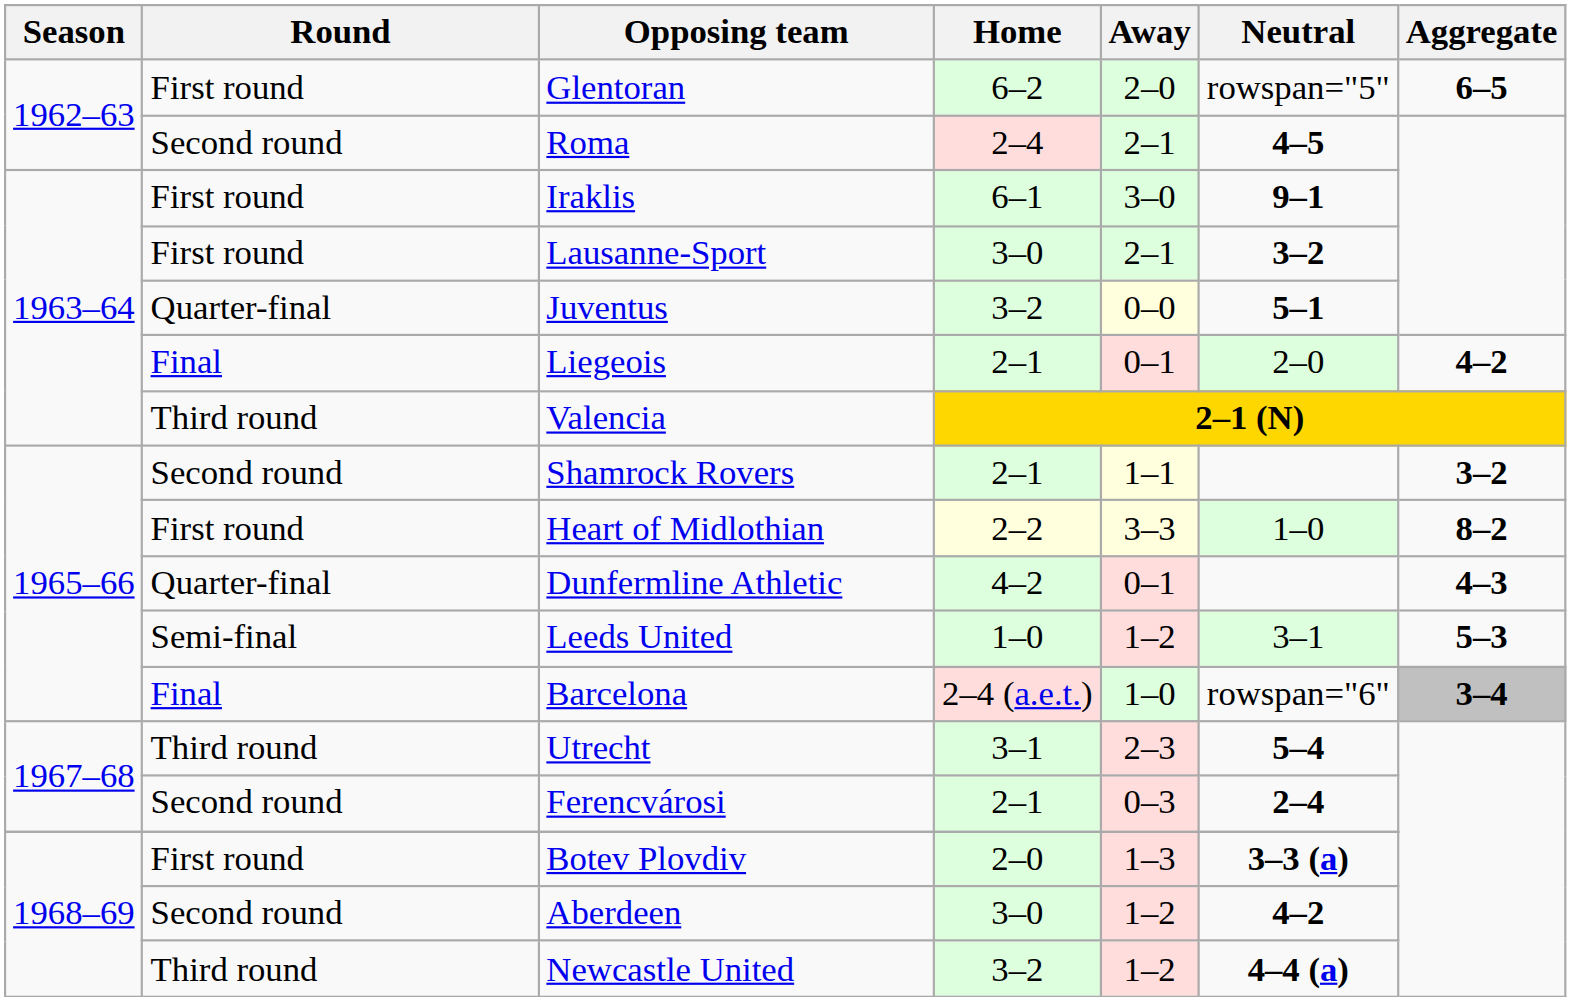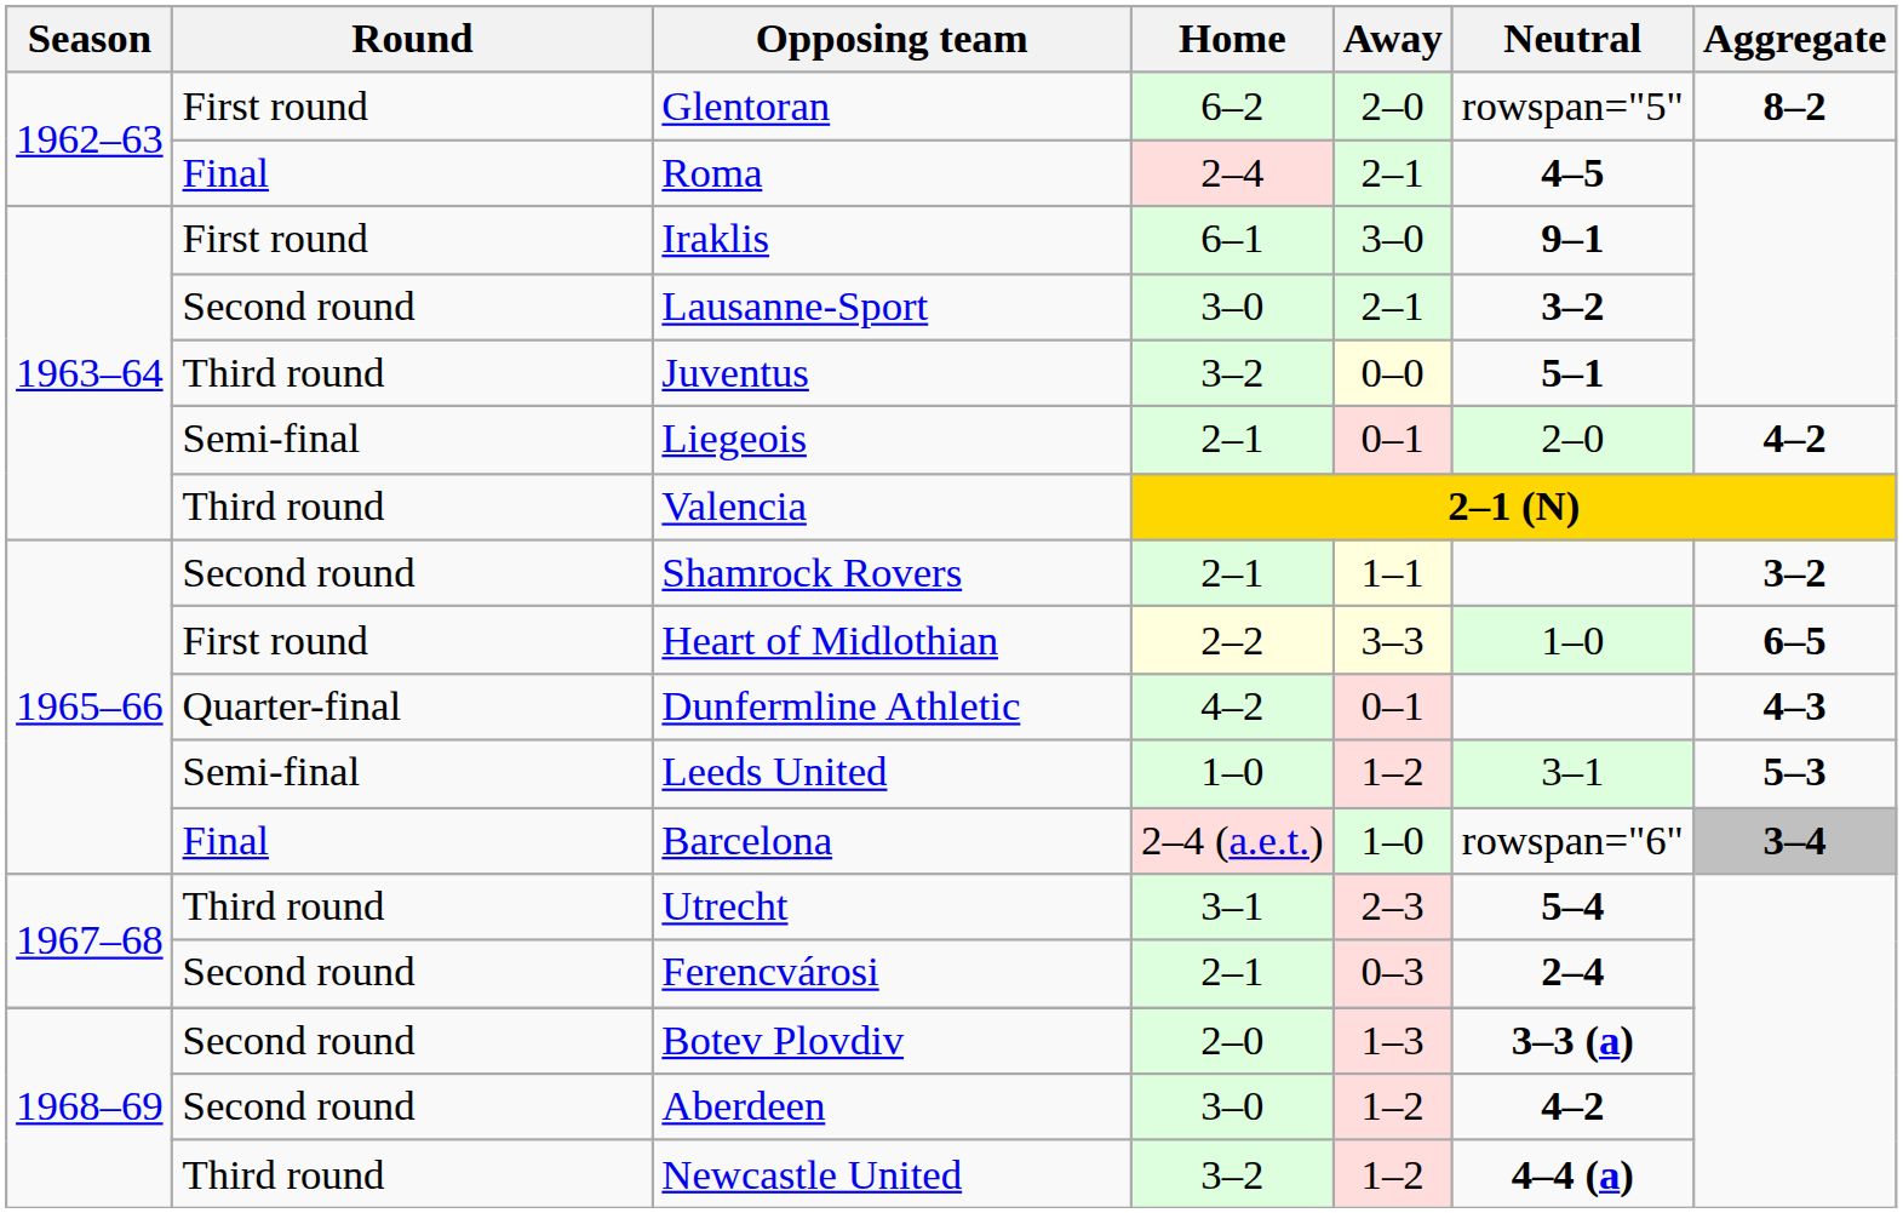 <table class="wikitable">
 <tr>
 <th>Season</th>
 <th width=175>Round</th>
 <th width=175>Opposing team</th>
 <th>Home</th>
 <th>Away</th>
 <th>Neutral</th>
 <th>Aggregate</th>
 </tr>
 <tr>
 <td rowspan="2"><a href='#'>1962–63</a></td>
 <td>First round</td>
 <td> <a href='#'>Glentoran</a></td>
 <td style="text-align:center; background:#dfd;">6–2</td>
 <td style="text-align:center; background:#dfd;">2–0</td>
 <td>rowspan="5" </td>
-<td style="text-align:center;"><strong>6–5</strong></td>
+<td style="text-align:center;"><strong>8–2</strong></td>
 </tr>
 <tr>
-<td>Second round</td>
+<td><a href='#'>Final</a></td>
 <td> <a href='#'>Roma</a></td>
 <td style="text-align:center; background:#fdd;">2–4</td>
 <td style="text-align:center; background:#dfd;">2–1</td>
 <td style="text-align:center;"><strong>4–5</strong></td>
 </tr>
 <tr>
 <td rowspan="5"><a href='#'>1963–64</a></td>
 <td>First round</td>
 <td> <a href='#'>Iraklis</a></td>
 <td style="text-align:center; background:#dfd;">6–1</td>
 <td style="text-align:center; background:#dfd;">3–0</td>
 <td style="text-align:center;"><strong>9–1</strong></td>
 </tr>
 <tr>
-<td>First round</td>
+<td>Second round</td>
 <td> <a href='#'>Lausanne-Sport</a></td>
 <td style="text-align:center; background:#dfd;">3–0</td>
 <td style="text-align:center; background:#dfd;">2–1</td>
 <td style="text-align:center;"><strong>3–2</strong></td>
 </tr>
 <tr>
-<td>Quarter-final</td>
+<td>Third round</td>
 <td> <a href='#'>Juventus</a></td>
 <td style="text-align:center; background:#dfd;">3–2</td>
 <td style="text-align:center; background:#ffd;">0–0</td>
 <td style="text-align:center;"><strong>5–1</strong></td>
 </tr>
 <tr>
-<td><a href='#'>Final</a></td>
+<td>Semi-final</td>
 <td> <a href='#'>Liegeois</a></td>
 <td style="text-align:center; background:#dfd;">2–1</td>
 <td style="text-align:center; background:#fdd;">0–1</td>
 <td style="text-align:center; background:#dfd;">2–0</td>
 <td style="text-align:center;"><strong>4–2</strong></td>
 </tr>
 <tr>
 <td>Third round</td>
 <td> <a href='#'>Valencia</a></td>
 <td bgcolor="gold" colspan="4" style="text-align:center;"><strong>2–1 (N)</strong></td>
 </tr>
 <tr>
 <td rowspan="5"><a href='#'>1965–66</a></td>
 <td>Second round</td>
 <td> <a href='#'>Shamrock Rovers</a></td>
 <td style="text-align:center; background:#dfd;">2–1</td>
 <td style="text-align:center; background:#ffd;">1–1</td>
 <td></td>
 <td style="text-align:center;"><strong>3–2</strong></td>
 </tr>
 <tr>
 <td>First round</td>
 <td> <a href='#'>Heart of Midlothian</a></td>
 <td style="text-align:center; background:#ffd;">2–2</td>
 <td style="text-align:center; background:#ffd;">3–3</td>
 <td style="text-align:center; background:#dfd;">1–0</td>
-<td style="text-align:center;"><strong>8–2</strong></td>
+<td style="text-align:center;"><strong>6–5</strong></td>
 </tr>
 <tr>
 <td>Quarter-final</td>
 <td> <a href='#'>Dunfermline Athletic</a></td>
 <td style="text-align:center; background:#dfd;">4–2</td>
 <td style="text-align:center; background:#fdd;">0–1</td>
 <td></td>
 <td style="text-align:center;"><strong>4–3</strong></td>
 </tr>
 <tr>
 <td>Semi-final</td>
 <td> <a href='#'>Leeds United</a></td>
 <td style="text-align:center; background:#dfd;">1–0</td>
 <td style="text-align:center; background:#fdd;">1–2</td>
 <td style="text-align:center; background:#dfd;">3–1</td>
 <td style="text-align:center;"><strong>5–3</strong></td>
 </tr>
 <tr>
 <td><a href='#'>Final</a></td>
 <td> <a href='#'>Barcelona</a></td>
 <td style="text-align:center; background:#fdd;">2–4 (<a href='#'>a.e.t.</a>)</td>
 <td style="text-align:center; background:#dfd;">1–0</td>
 <td>rowspan="6" </td>
 <td bgcolor="silver" style="text-align:center;"><strong>3–4</strong></td>
 </tr>
 <tr>
 <td rowspan="2"><a href='#'>1967–68</a></td>
 <td>Third round</td>
 <td> <a href='#'>Utrecht</a></td>
 <td style="text-align:center; background:#dfd;">3–1</td>
 <td style="text-align:center; background:#fdd;">2–3</td>
 <td style="text-align:center;"><strong>5–4</strong></td>
 </tr>
 <tr>
 <td>Second round</td>
 <td> <a href='#'>Ferencvárosi</a></td>
 <td style="text-align:center; background:#dfd;">2–1</td>
 <td style="text-align:center; background:#fdd;">0–3</td>
 <td style="text-align:center;"><strong>2–4</strong></td>
 </tr>
 <tr>
 </tr>
 <tr>
 <td rowspan="3"><a href='#'>1968–69</a></td>
-<td>First round</td>
+<td>Second round</td>
 <td> <a href='#'>Botev Plovdiv</a></td>
 <td style="text-align:center; background:#dfd;">2–0</td>
 <td style="text-align:center; background:#fdd;">1–3</td>
 <td style="text-align:center;"><strong>3–3 (<a href='#'>a</a>)</strong></td>
 </tr>
 <tr>
 <td>Second round</td>
 <td> <a href='#'>Aberdeen</a></td>
 <td style="text-align:center; background:#dfd;">3–0</td>
 <td style="text-align:center; background:#fdd;">1–2</td>
 <td style="text-align:center;"><strong>4–2</strong></td>
 </tr>
 <tr>
 <td>Third round</td>
 <td> <a href='#'>Newcastle United</a></td>
 <td style="text-align:center; background:#dfd;">3–2</td>
 <td style="text-align:center; background:#fdd;">1–2</td>
 <td style="text-align:center;"><strong>4–4 (<a href='#'>a</a>)</strong></td>
 </tr>
 </table>
